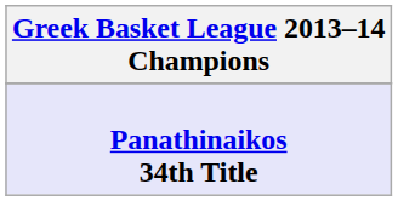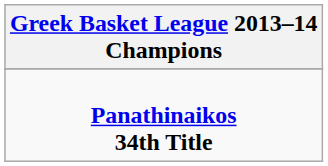 <table class="wikitable" style="text-align: center; margin: 0 auto;">
 <tr>
 <th><a href='#'>Greek Basket League</a> 2013–14<br>Champions</th>
 </tr>
 <tr>
 </tr>
 <tr>
-<td style="background: lavender;"><br><strong><a href='#'>Panathinaikos</a></strong><br><strong>34th Title</strong></td>
+<td><br><strong><a href='#'>Panathinaikos</a></strong><br><strong>34th Title</strong></td>
 </tr>
 </table>
